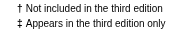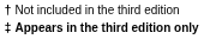 <table style="font-size:80%;float:right;">
 <tr>
 <th>†</th>
 <td>Not included in the third edition</td>
 </tr>
 <tr>
 <th>‡</th>
-<td>Appears in the third edition only</td>
+<td><strong>Appears in the third edition only</strong></td>
 </tr>
 </table>
